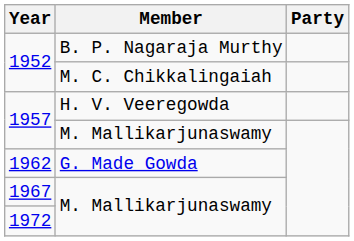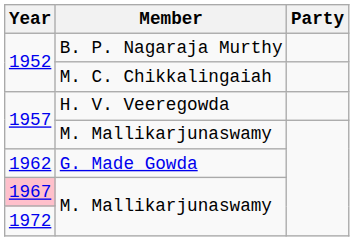 <table class="wikitable">
 <tr>
 <th>Year</th>
 <th>Member</th>
 <th colspan=2>Party</th>
 </tr>
 <tr>
 <td rowspan="2"><a href='#'>1952</a></td>
 <td>B. P. Nagaraja Murthy</td>
 <td></td>
 </tr>
 <tr>
 <td>M. C. Chikkalingaiah</td>
 <td></td>
 </tr>
 <tr>
 <td rowspan="2"><a href='#'>1957</a></td>
 <td>H. V. Veeregowda</td>
 <td></td>
 </tr>
 <tr>
 <td>M. Mallikarjunaswamy</td>
 </tr>
 <tr>
 <td><a href='#'>1962</a></td>
 <td><a href='#'>G. Made Gowda</a></td>
 </tr>
 <tr>
-<td><a href='#'>1967</a></td>
+<td style="background: pink;"><a href='#'>1967</a></td>
 <td rowspan="2">M. Mallikarjunaswamy</td>
 </tr>
 <tr>
 <td><a href='#'>1972</a></td>
 </tr>
 </table>
